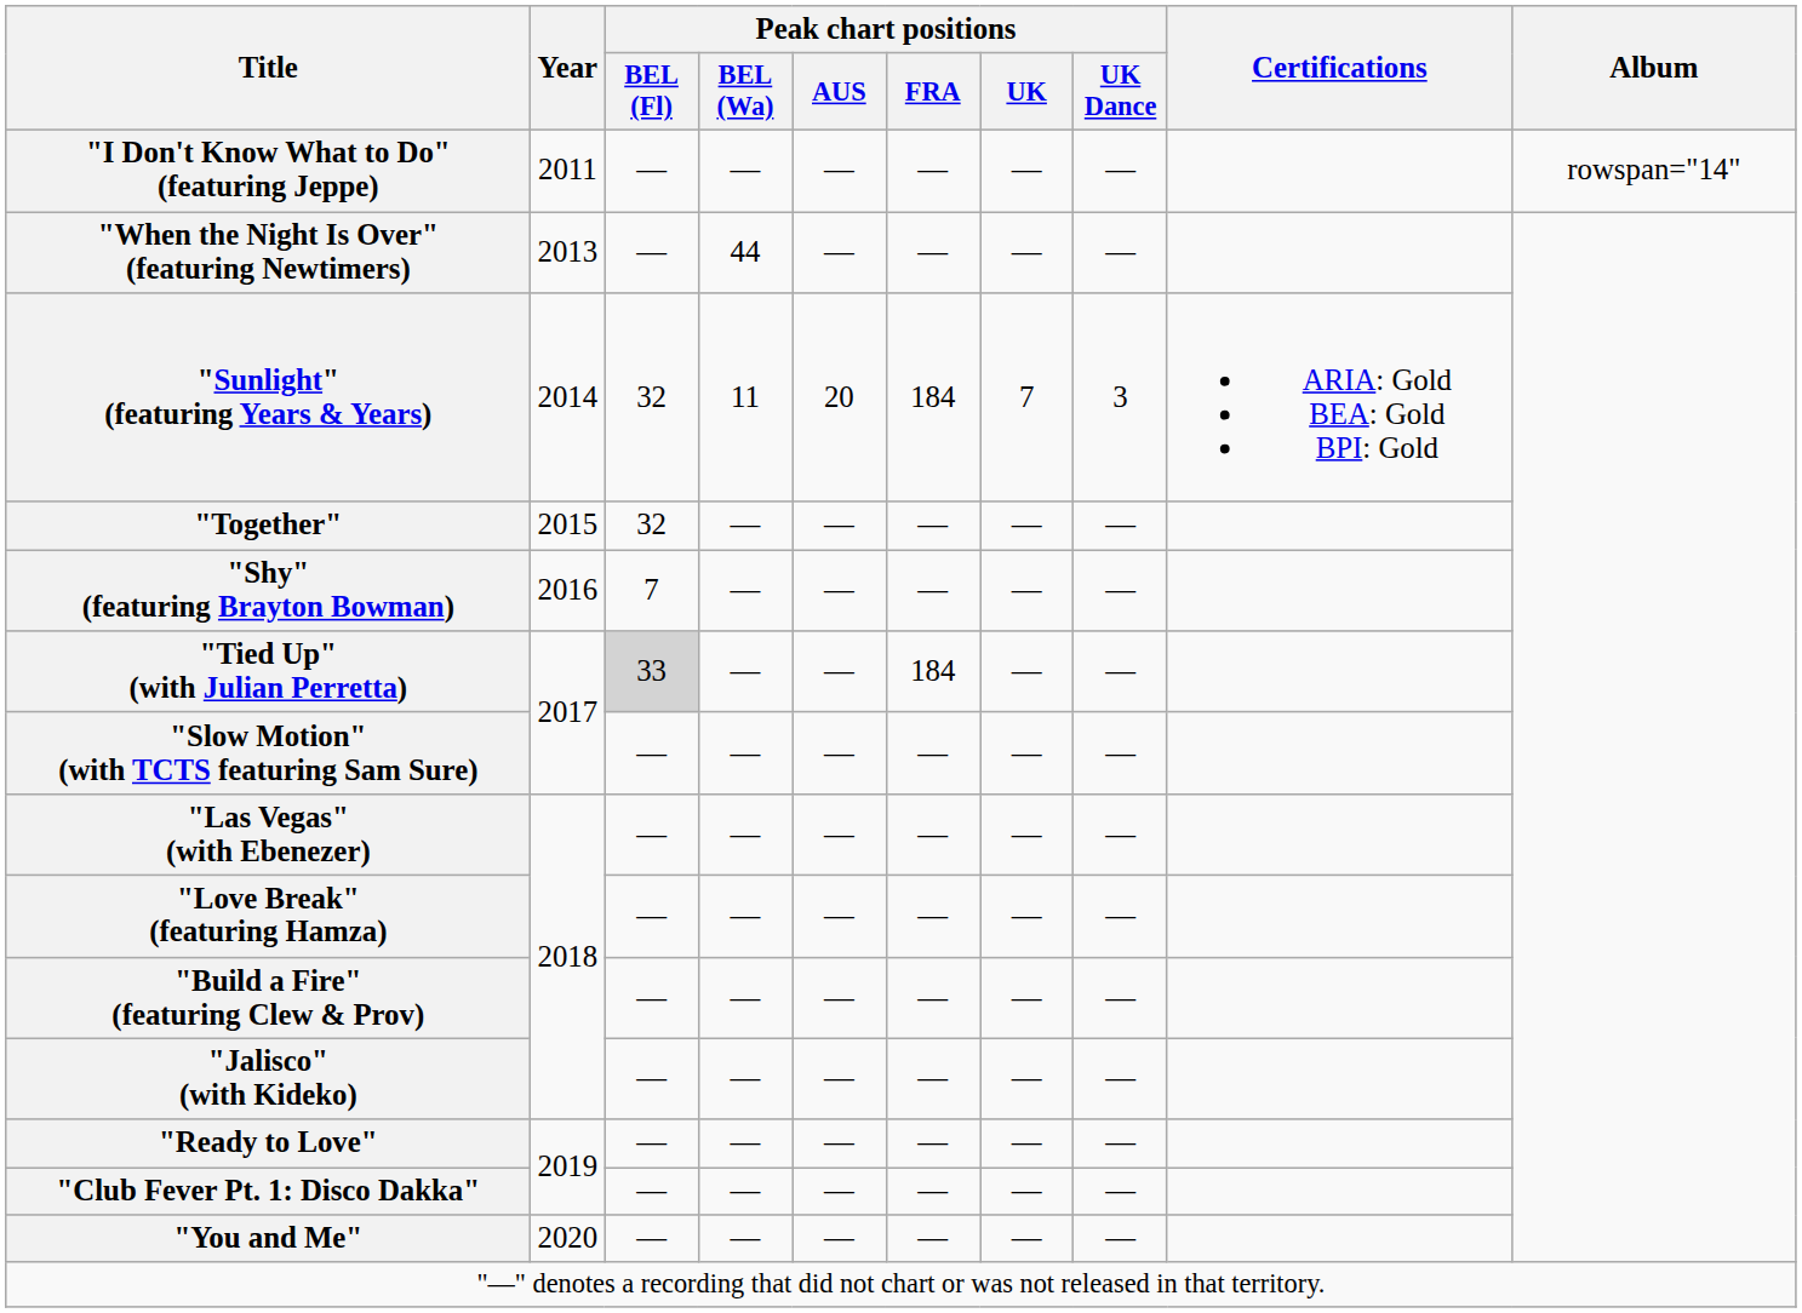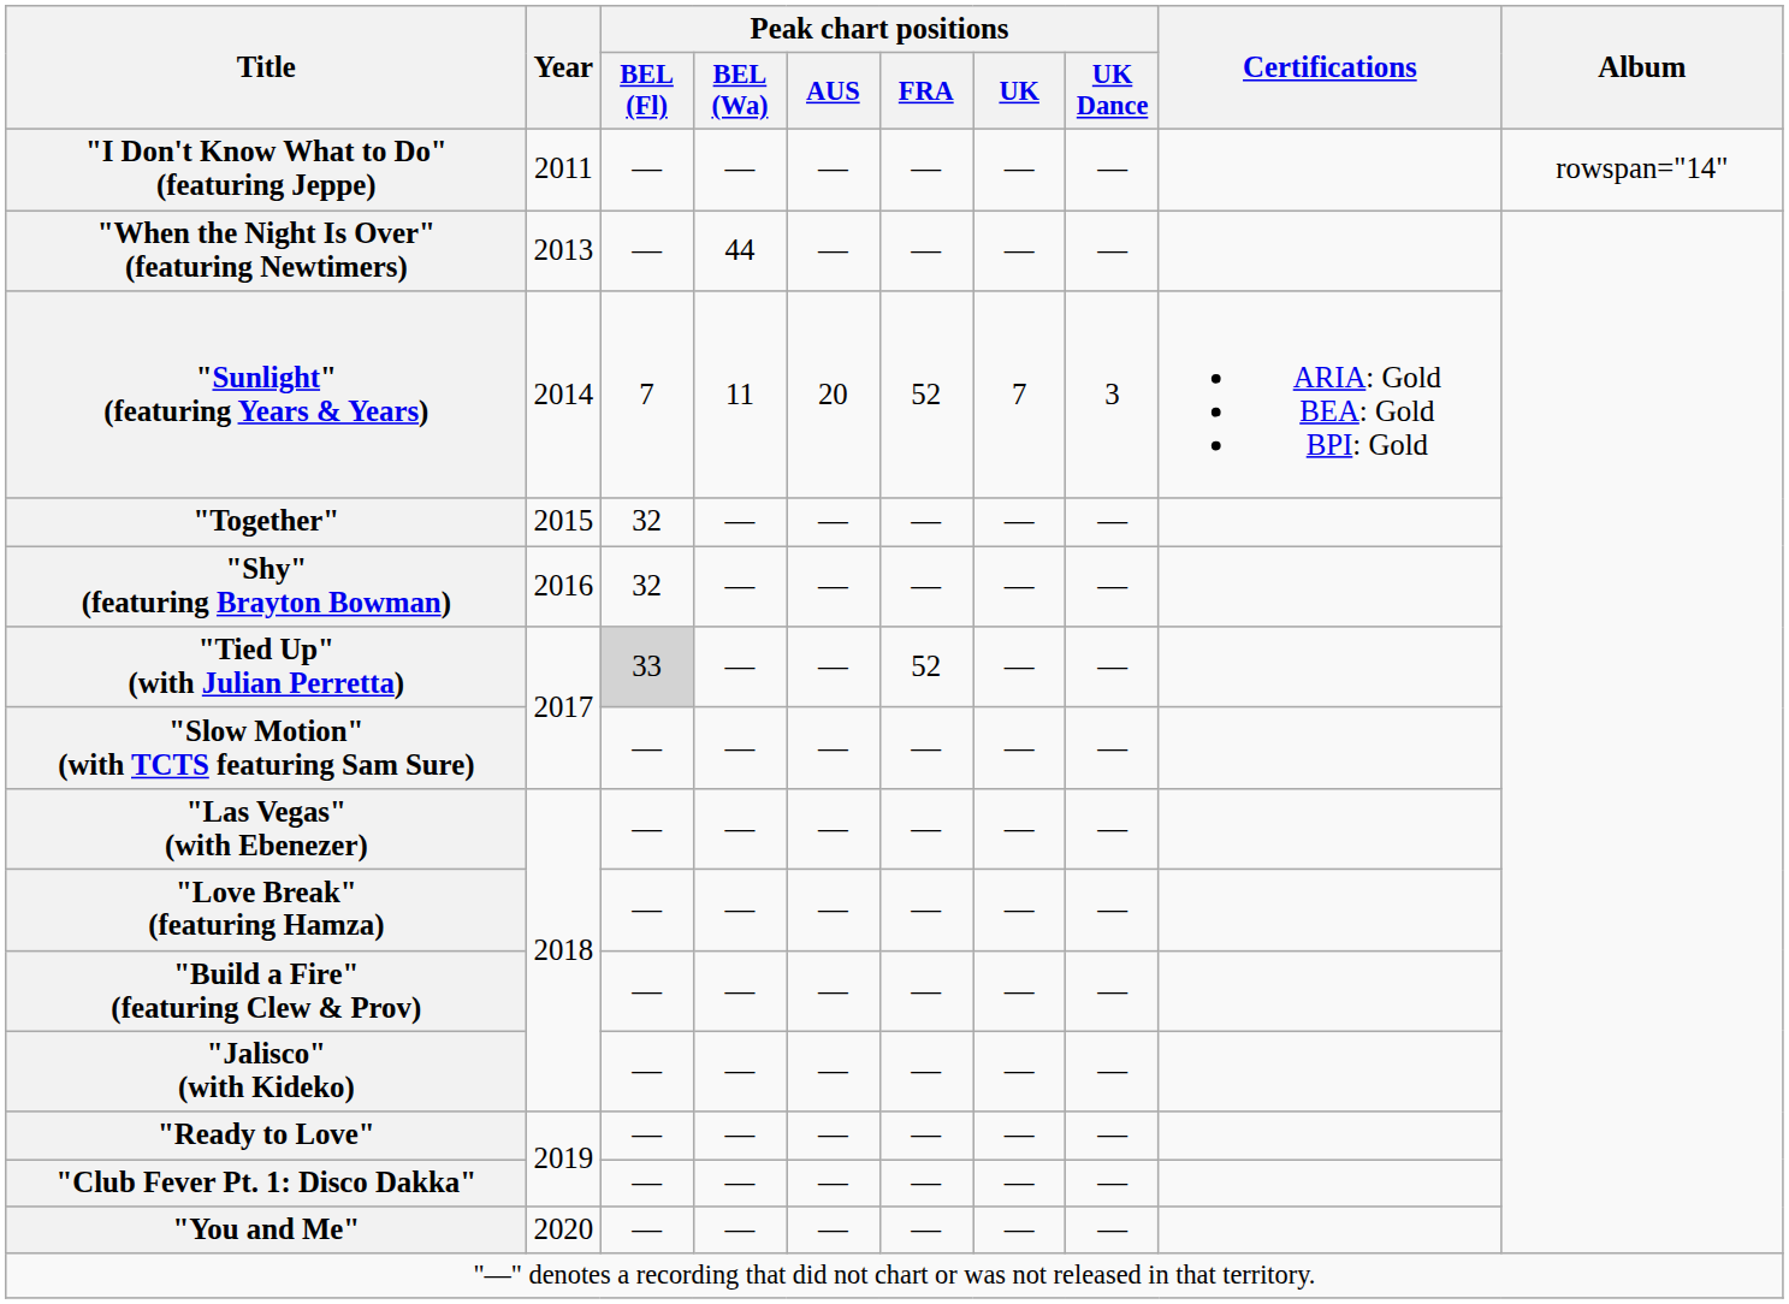 <table class="wikitable plainrowheaders" style="text-align:center;">
 <tr>
 <th scope="col" rowspan="2" style="width:17em;">Title</th>
 <th scope="col" rowspan="2" style="width:1em;">Year</th>
 <th scope="col" colspan="6">Peak chart positions</th>
 <th scope="col" rowspan="2" style="width:11em;"><a href='#'>Certifications</a></th>
 <th scope="col" rowspan="2" style="width:9em;">Album</th>
 </tr>
 <tr>
 <th scope="col" style="width:3em;font-size:90%;"><a href='#'>BEL (Fl)</a><br></th>
 <th scope="col" style="width:3em;font-size:90%;"><a href='#'>BEL (Wa)</a><br></th>
 <th scope="col" style="width:3em;font-size:90%;"><a href='#'>AUS</a><br></th>
 <th scope="col" style="width:3em;font-size:90%;"><a href='#'>FRA</a><br></th>
 <th scope="col" style="width:3em;font-size:90%;"><a href='#'>UK</a><br></th>
 <th scope="col" style="width:3em;font-size:90%;"><a href='#'>UK Dance</a></th>
 </tr>
 <tr>
 <th scope="row">"I Don't Know What to Do"<br><span>(featuring Jeppe)</span></th>
 <td>2011</td>
 <td>—</td>
 <td>—</td>
 <td>—</td>
 <td>—</td>
 <td>—</td>
 <td>—</td>
 <td></td>
 <td>rowspan="14" </td>
 </tr>
 <tr>
 <th scope="row">"When the Night Is Over"<br><span>(featuring Newtimers)</span></th>
 <td>2013</td>
 <td>—</td>
 <td>44</td>
 <td>—</td>
 <td>—</td>
 <td>—</td>
 <td>—</td>
 <td></td>
 </tr>
 <tr>
 <th scope="row">"<a href='#'>Sunlight</a>"<br><span>(featuring <a href='#'>Years & Years</a>)</span></th>
 <td>2014</td>
-<td>32</td>
+<td>7</td>
 <td>11</td>
 <td>20</td>
-<td>184</td>
+<td>52</td>
 <td>7</td>
 <td>3</td>
 <td><br><ul><li><a href='#'>ARIA</a>: Gold</li><li><a href='#'>BEA</a>: Gold</li><li><a href='#'>BPI</a>: Gold</li></ul></td>
 </tr>
 <tr>
 <th scope="row">"Together"</th>
 <td>2015</td>
 <td>32</td>
 <td>—</td>
 <td>—</td>
 <td>—</td>
 <td>—</td>
 <td>—</td>
 <td></td>
 </tr>
 <tr>
 <th scope="row">"Shy"<br><span>(featuring <a href='#'>Brayton Bowman</a>)</span></th>
 <td>2016</td>
-<td>7</td>
+<td>32</td>
 <td>—</td>
 <td>—</td>
 <td>—</td>
 <td>—</td>
 <td>—</td>
 <td></td>
 </tr>
 <tr>
 <th scope="row">"Tied Up"<br><span>(with <a href='#'>Julian Perretta</a>)</span></th>
 <td rowspan="2">2017</td>
 <td style="background: lightgrey;">33</td>
 <td>—</td>
 <td>—</td>
-<td>184</td>
+<td>52</td>
 <td>—</td>
 <td>—</td>
 <td></td>
 </tr>
 <tr>
 <th scope="row">"Slow Motion"<br><span>(with <a href='#'>TCTS</a> featuring Sam Sure)</span></th>
 <td>—</td>
 <td>—</td>
 <td>—</td>
 <td>—</td>
 <td>—</td>
 <td>—</td>
 <td></td>
 </tr>
 <tr>
 <th scope="row">"Las Vegas"<br><span>(with Ebenezer)</span></th>
 <td rowspan="4">2018</td>
 <td>—</td>
 <td>—</td>
 <td>—</td>
 <td>—</td>
 <td>—</td>
 <td>—</td>
 <td></td>
 </tr>
 <tr>
 <th scope="row">"Love Break"<br><span>(featuring Hamza)</span></th>
 <td>—</td>
 <td>—</td>
 <td>—</td>
 <td>—</td>
 <td>—</td>
 <td>—</td>
 <td></td>
 </tr>
 <tr>
 <th scope="row">"Build a Fire"<br><span>(featuring Clew & Prov)</span></th>
 <td>—</td>
 <td>—</td>
 <td>—</td>
 <td>—</td>
 <td>—</td>
 <td>—</td>
 <td></td>
 </tr>
 <tr>
 <th scope="row">"Jalisco"<br><span>(with Kideko)</span></th>
 <td>—</td>
 <td>—</td>
 <td>—</td>
 <td>—</td>
 <td>—</td>
 <td>—</td>
 <td></td>
 </tr>
 <tr>
 <th scope="row">"Ready to Love"</th>
 <td rowspan="2">2019</td>
 <td>—</td>
 <td>—</td>
 <td>—</td>
 <td>—</td>
 <td>—</td>
 <td>—</td>
 <td></td>
 </tr>
 <tr>
 <th scope="row">"Club Fever Pt. 1: Disco Dakka"</th>
 <td>—</td>
 <td>—</td>
 <td>—</td>
 <td>—</td>
 <td>—</td>
 <td>—</td>
 <td></td>
 </tr>
 <tr>
 <th scope="row">"You and Me"</th>
 <td>2020</td>
 <td>—</td>
 <td>—</td>
 <td>—</td>
 <td>—</td>
 <td>—</td>
 <td>—</td>
 <td></td>
 </tr>
 <tr>
 <td colspan="10" style="font-size:90%">"—" denotes a recording that did not chart or was not released in that territory.</td>
 </tr>
 </table>
